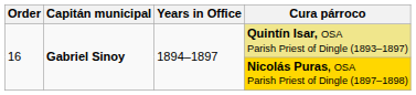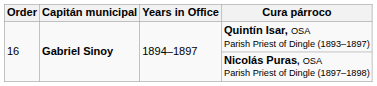 <table class="wikitable">
 <tr>
 <th>Order</th>
 <th>Capitán municipal</th>
 <th>Years in Office</th>
 <th>Cura párroco</th>
 </tr>
 <tr>
 <td rowspan="2">16</td>
 <td rowspan="2"><strong>Gabriel Sinoy</strong></td>
 <td rowspan="2">1894–1897</td>
-<td style="background: khaki;"><strong>Quintín Isar,</strong> <small>OSA</small><br><small>Parish Priest of Dingle (1893–1897)</small></td>
+<td><strong>Quintín Isar,</strong> <small>OSA</small><br><small>Parish Priest of Dingle (1893–1897)</small></td>
 </tr>
 <tr>
-<td style="background: gold;"><strong>Nicolás Puras<small>,</small></strong> <small>OSA</small><br><small>Parish Priest of Dingle (1897–1898)</small></td>
+<td><strong>Nicolás Puras<small>,</small></strong> <small>OSA</small><br><small>Parish Priest of Dingle (1897–1898)</small></td>
 </tr>
 </table>
